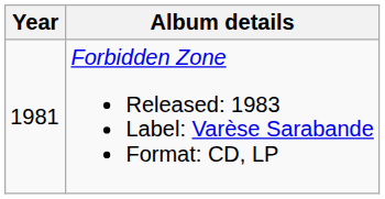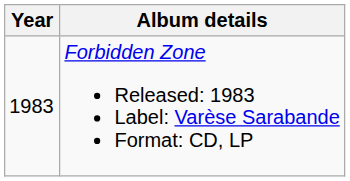 <table class="wikitable">
 <tr>
 <th style="width:2.3em;">Year</th>
 <th>Album details</th>
 </tr>
 <tr>
-<td>1981</td>
+<td>1983</td>
 <td><em><a href='#'>Forbidden Zone</a></em><br><ul><li>Released: 1983</li><li>Label: <a href='#'>Varèse Sarabande</a></li><li>Format: CD, LP</li></ul></td>
 </tr>
 </table>
